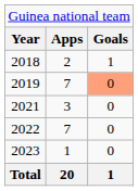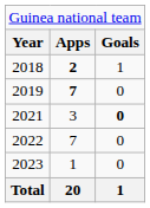 <table class="wikitable" style="text-align:center">
 <tr>
 <td colspan="5"><a href='#'>Guinea national team</a></td>
 </tr>
 <tr>
 <th>Year</th>
 <th>Apps</th>
 <th>Goals</th>
 </tr>
 <tr>
 <td>2018</td>
-<td>2</td>
+<td><strong>2</strong></td>
 <td>1</td>
 </tr>
 <tr>
 <td>2019</td>
-<td>7</td>
-<td style="background: lightsalmon;">0</td>
+<td><strong>7</strong></td>
+<td>0</td>
 </tr>
 <tr>
 <td>2021</td>
 <td>3</td>
-<td>0</td>
+<td><strong>0</strong></td>
 </tr>
 <tr>
 <td>2022</td>
 <td>7</td>
 <td>0</td>
 </tr>
 <tr>
 <td>2023</td>
 <td>1</td>
 <td>0</td>
 </tr>
 <tr>
 <th>Total</th>
 <th>20</th>
 <th>1</th>
 </tr>
 </table>
